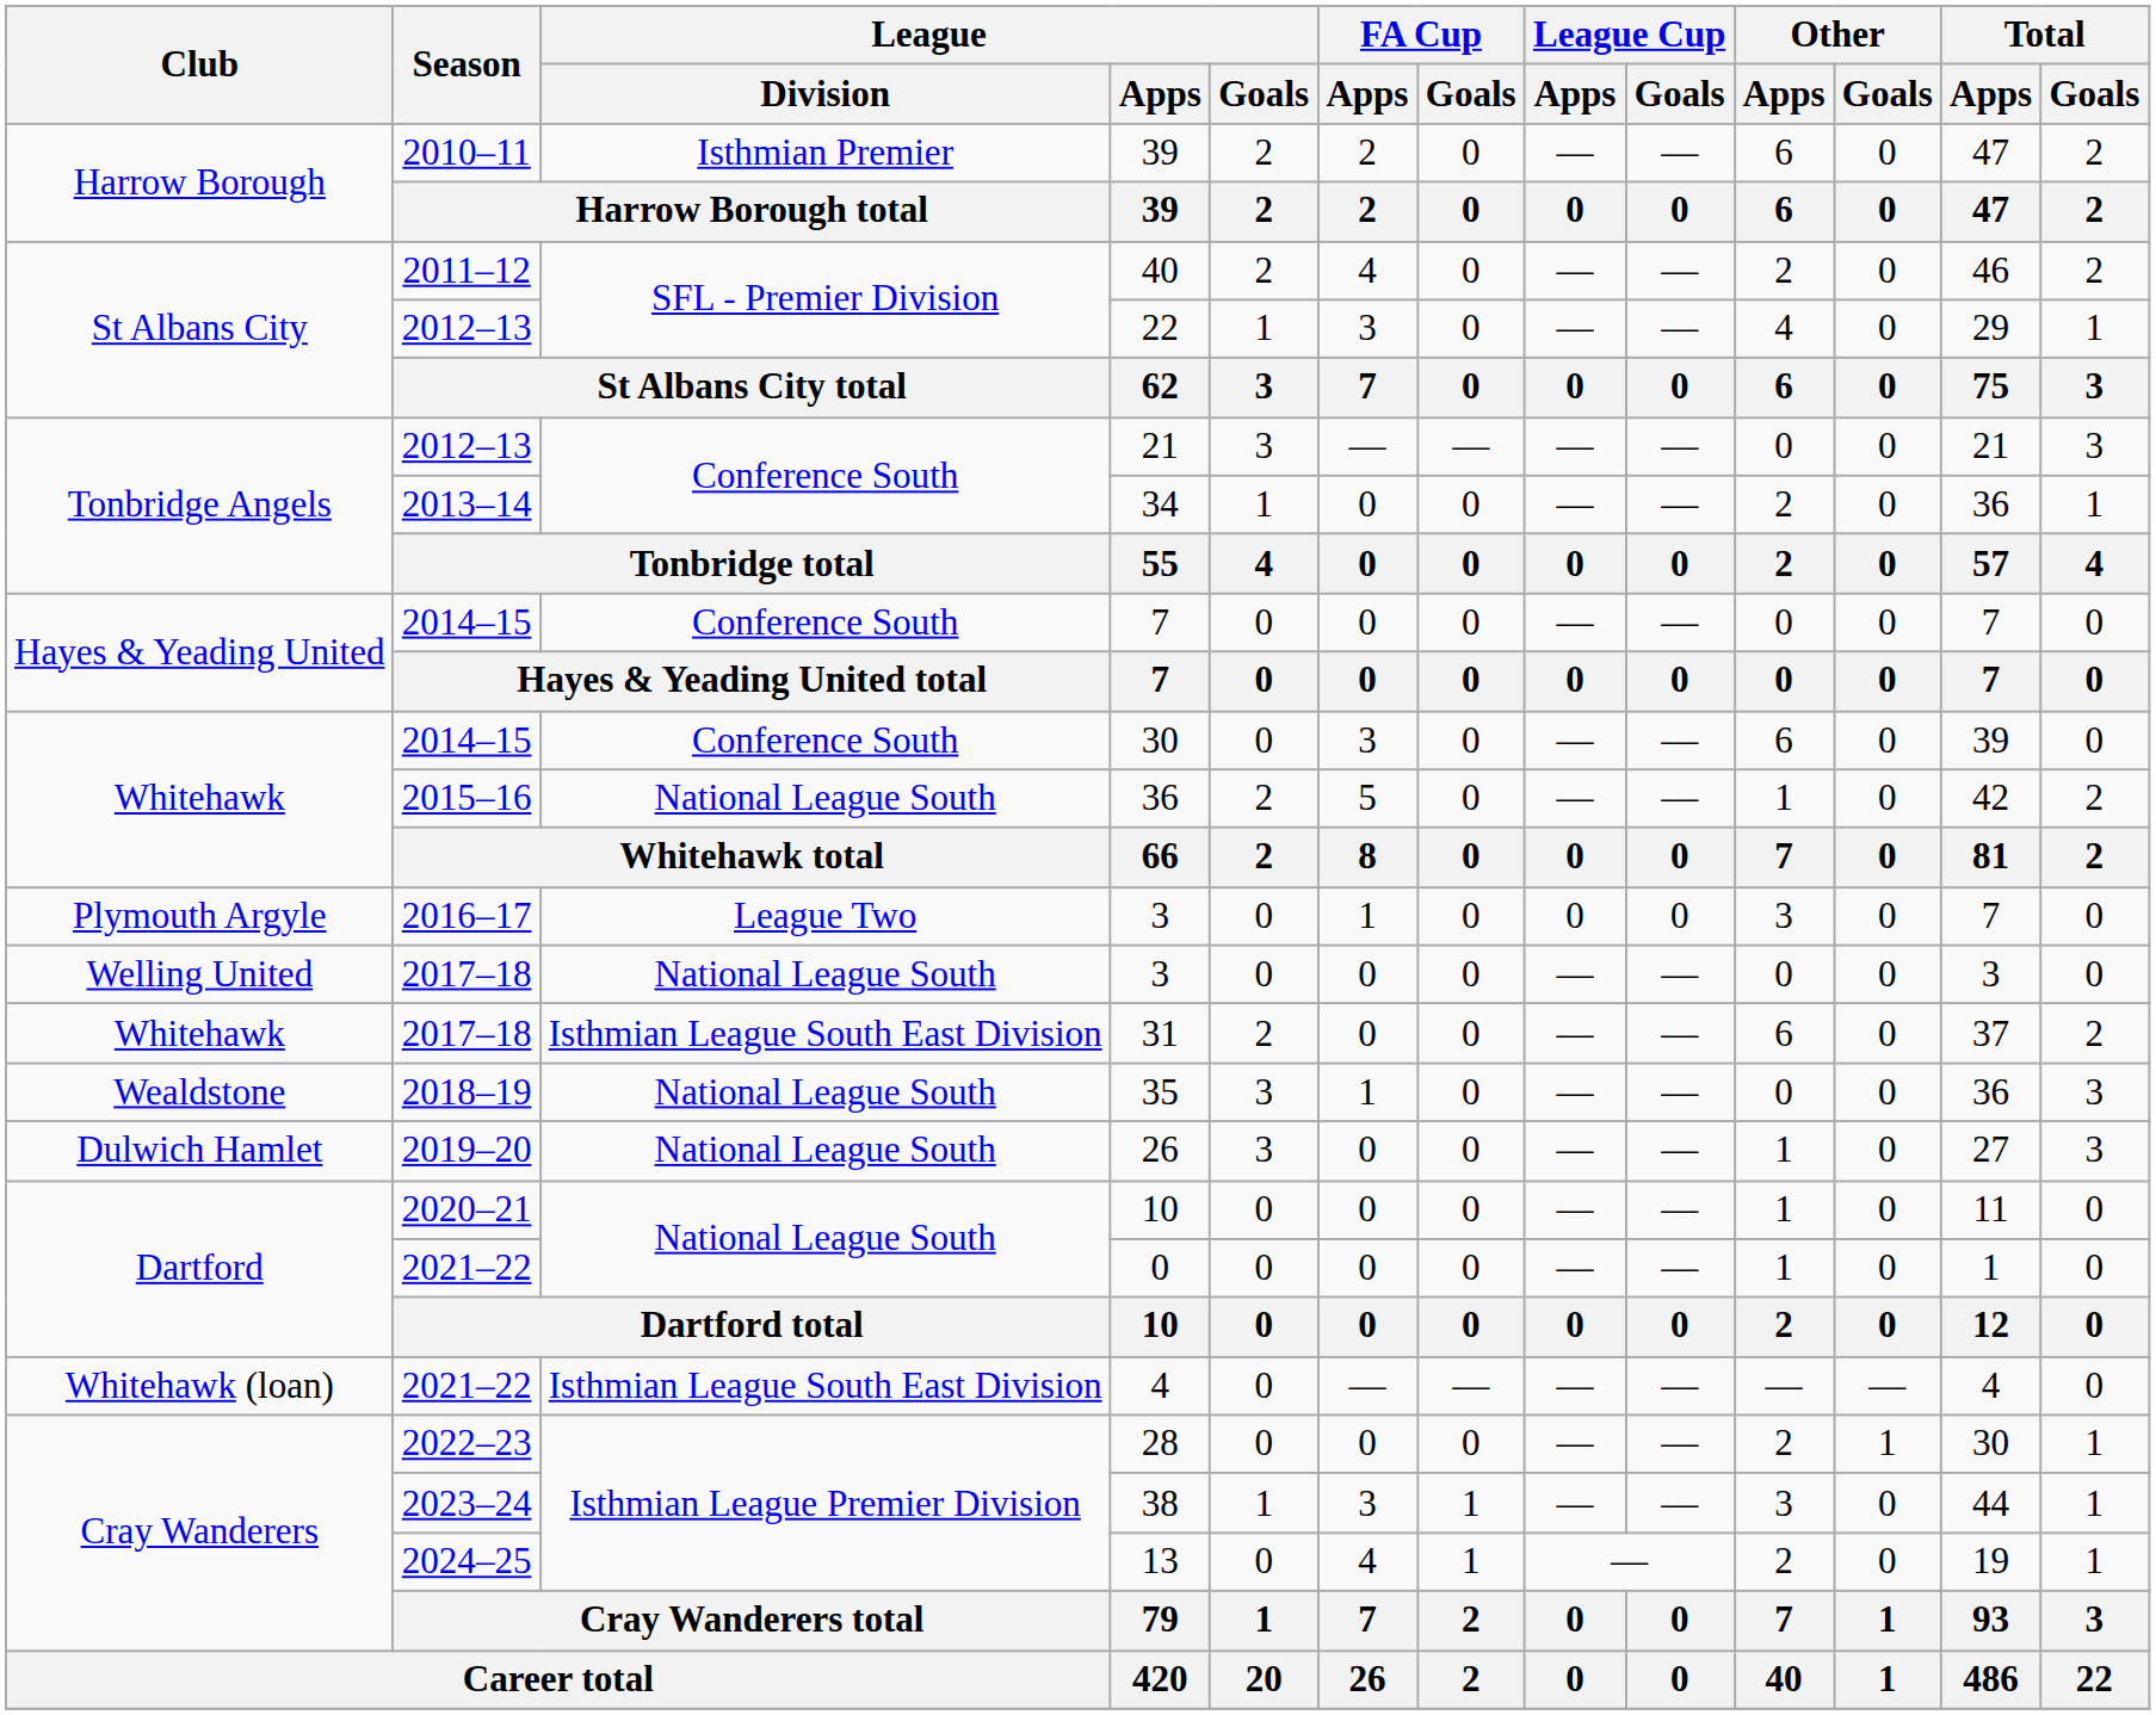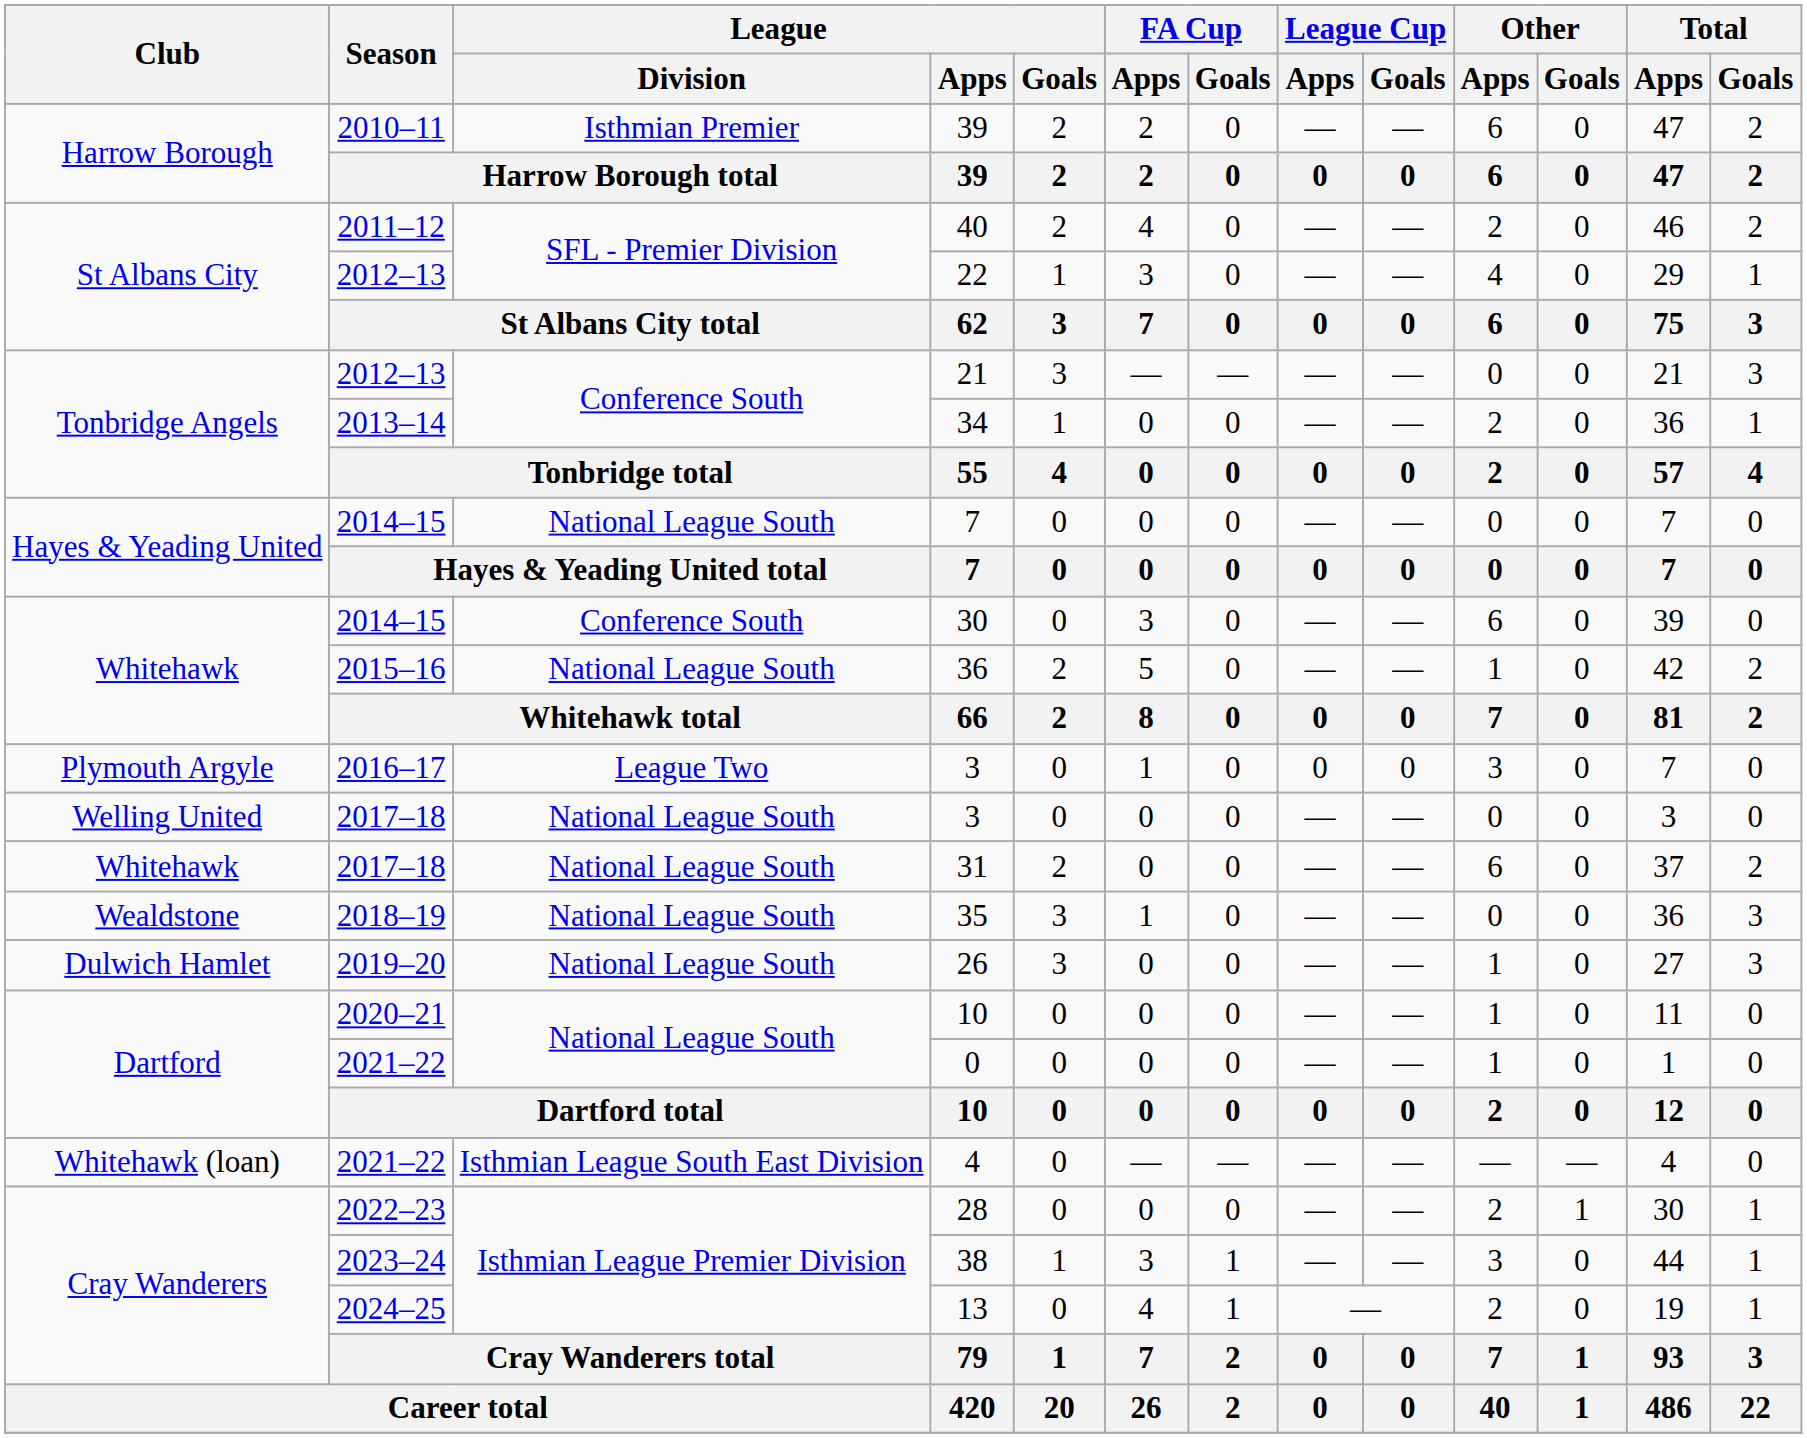 <table class="wikitable" style="text-align:center">
 <tr>
 <th rowspan="2">Club</th>
 <th rowspan="2">Season</th>
 <th colspan="3">League</th>
 <th colspan="2"><a href='#'>FA Cup</a></th>
 <th colspan="2"><a href='#'>League Cup</a></th>
 <th colspan="2">Other</th>
 <th colspan="2">Total</th>
 </tr>
 <tr>
 <th>Division</th>
 <th>Apps</th>
 <th>Goals</th>
 <th>Apps</th>
 <th>Goals</th>
 <th>Apps</th>
 <th>Goals</th>
 <th>Apps</th>
 <th>Goals</th>
 <th>Apps</th>
 <th>Goals</th>
 </tr>
 <tr>
 <td rowspan="2"><a href='#'>Harrow Borough</a></td>
 <td><a href='#'>2010–11</a></td>
 <td rowspan="1"><a href='#'>Isthmian Premier</a></td>
 <td>39</td>
 <td>2</td>
 <td>2</td>
 <td>0</td>
 <td>—</td>
 <td>—</td>
 <td>6</td>
 <td>0</td>
 <td>47</td>
 <td>2</td>
 </tr>
 <tr>
 <th colspan="2">Harrow Borough total</th>
 <th>39</th>
 <th>2</th>
 <th>2</th>
 <th>0</th>
 <th>0</th>
 <th>0</th>
 <th>6</th>
 <th>0</th>
 <th>47</th>
 <th>2</th>
 </tr>
 <tr>
 <td rowspan="3"><a href='#'>St Albans City</a></td>
 <td><a href='#'>2011–12</a></td>
 <td rowspan="2"><a href='#'>SFL - Premier Division</a></td>
 <td>40</td>
 <td>2</td>
 <td>4</td>
 <td>0</td>
 <td>—</td>
 <td>—</td>
 <td>2</td>
 <td>0</td>
 <td>46</td>
 <td>2</td>
 </tr>
 <tr>
 <td><a href='#'>2012–13</a></td>
 <td>22</td>
 <td>1</td>
 <td>3</td>
 <td>0</td>
 <td>—</td>
 <td>—</td>
 <td>4</td>
 <td>0</td>
 <td>29</td>
 <td>1</td>
 </tr>
 <tr>
 <th colspan="2">St Albans City total</th>
 <th>62</th>
 <th>3</th>
 <th>7</th>
 <th>0</th>
 <th>0</th>
 <th>0</th>
 <th>6</th>
 <th>0</th>
 <th>75</th>
 <th>3</th>
 </tr>
 <tr>
 <td rowspan="3"><a href='#'>Tonbridge Angels</a></td>
 <td><a href='#'>2012–13</a></td>
 <td rowspan="2"><a href='#'>Conference South</a></td>
 <td>21</td>
 <td>3</td>
 <td>—</td>
 <td>—</td>
 <td>—</td>
 <td>—</td>
 <td>0</td>
 <td>0</td>
 <td>21</td>
 <td>3</td>
 </tr>
 <tr>
 <td><a href='#'>2013–14</a></td>
 <td>34</td>
 <td>1</td>
 <td>0</td>
 <td>0</td>
 <td>—</td>
 <td>—</td>
 <td>2</td>
 <td>0</td>
 <td>36</td>
 <td>1</td>
 </tr>
 <tr>
 <th colspan="2">Tonbridge total</th>
 <th>55</th>
 <th>4</th>
 <th>0</th>
 <th>0</th>
 <th>0</th>
 <th>0</th>
 <th>2</th>
 <th>0</th>
 <th>57</th>
 <th>4</th>
 </tr>
 <tr>
 <td rowspan="2"><a href='#'>Hayes & Yeading United</a></td>
 <td><a href='#'>2014–15</a></td>
-<td><a href='#'>Conference South</a></td>
+<td><a href='#'>National League South</a></td>
 <td>7</td>
 <td>0</td>
 <td>0</td>
 <td>0</td>
 <td>—</td>
 <td>—</td>
 <td>0</td>
 <td>0</td>
 <td>7</td>
 <td>0</td>
 </tr>
 <tr>
 <th colspan="2">Hayes & Yeading United total</th>
 <th>7</th>
 <th>0</th>
 <th>0</th>
 <th>0</th>
 <th>0</th>
 <th>0</th>
 <th>0</th>
 <th>0</th>
 <th>7</th>
 <th>0</th>
 </tr>
 <tr>
 <td rowspan="3"><a href='#'>Whitehawk</a></td>
 <td><a href='#'>2014–15</a></td>
 <td><a href='#'>Conference South</a></td>
 <td>30</td>
 <td>0</td>
 <td>3</td>
 <td>0</td>
 <td>—</td>
 <td>—</td>
 <td>6</td>
 <td>0</td>
 <td>39</td>
 <td>0</td>
 </tr>
 <tr>
 <td><a href='#'>2015–16</a></td>
 <td><a href='#'>National League South</a></td>
 <td>36</td>
 <td>2</td>
 <td>5</td>
 <td>0</td>
 <td>—</td>
 <td>—</td>
 <td>1</td>
 <td>0</td>
 <td>42</td>
 <td>2</td>
 </tr>
 <tr>
 <th colspan="2">Whitehawk total</th>
 <th>66</th>
 <th>2</th>
 <th>8</th>
 <th>0</th>
 <th>0</th>
 <th>0</th>
 <th>7</th>
 <th>0</th>
 <th>81</th>
 <th>2</th>
 </tr>
 <tr>
 <td><a href='#'>Plymouth Argyle</a></td>
 <td><a href='#'>2016–17</a></td>
 <td><a href='#'>League Two</a></td>
 <td>3</td>
 <td>0</td>
 <td>1</td>
 <td>0</td>
 <td>0</td>
 <td>0</td>
 <td>3</td>
 <td>0</td>
 <td>7</td>
 <td>0</td>
 </tr>
 <tr>
 <td><a href='#'>Welling United</a></td>
 <td><a href='#'>2017–18</a></td>
 <td><a href='#'>National League South</a></td>
 <td>3</td>
 <td>0</td>
 <td>0</td>
 <td>0</td>
 <td>—</td>
 <td>—</td>
 <td>0</td>
 <td>0</td>
 <td>3</td>
 <td>0</td>
 </tr>
 <tr>
 <td><a href='#'>Whitehawk</a></td>
 <td><a href='#'>2017–18</a></td>
-<td><a href='#'>Isthmian League South East Division</a></td>
+<td><a href='#'>National League South</a></td>
 <td>31</td>
 <td>2</td>
 <td>0</td>
 <td>0</td>
 <td>—</td>
 <td>—</td>
 <td>6</td>
 <td>0</td>
 <td>37</td>
 <td>2</td>
 </tr>
 <tr>
 <td><a href='#'>Wealdstone</a></td>
 <td><a href='#'>2018–19</a></td>
 <td><a href='#'>National League South</a></td>
 <td>35</td>
 <td>3</td>
 <td>1</td>
 <td>0</td>
 <td>—</td>
 <td>—</td>
 <td>0</td>
 <td>0</td>
 <td>36</td>
 <td>3</td>
 </tr>
 <tr>
 <td><a href='#'>Dulwich Hamlet</a></td>
 <td><a href='#'>2019–20</a></td>
 <td><a href='#'>National League South</a></td>
 <td>26</td>
 <td>3</td>
 <td>0</td>
 <td>0</td>
 <td>—</td>
 <td>—</td>
 <td>1</td>
 <td>0</td>
 <td>27</td>
 <td>3</td>
 </tr>
 <tr>
 <td rowspan="3"><a href='#'>Dartford</a></td>
 <td><a href='#'>2020–21</a></td>
 <td rowspan="2"><a href='#'>National League South</a></td>
 <td>10</td>
 <td>0</td>
 <td>0</td>
 <td>0</td>
 <td>—</td>
 <td>—</td>
 <td>1</td>
 <td>0</td>
 <td>11</td>
 <td>0</td>
 </tr>
 <tr>
 <td><a href='#'>2021–22</a></td>
 <td>0</td>
 <td>0</td>
 <td>0</td>
 <td>0</td>
 <td>—</td>
 <td>—</td>
 <td>1</td>
 <td>0</td>
 <td>1</td>
 <td>0</td>
 </tr>
 <tr>
 <th colspan="2">Dartford total</th>
 <th>10</th>
 <th>0</th>
 <th>0</th>
 <th>0</th>
 <th>0</th>
 <th>0</th>
 <th>2</th>
 <th>0</th>
 <th>12</th>
 <th>0</th>
 </tr>
 <tr>
 <td><a href='#'>Whitehawk</a> (loan)</td>
 <td><a href='#'>2021–22</a></td>
 <td><a href='#'>Isthmian League South East Division</a></td>
 <td>4</td>
 <td>0</td>
 <td>—</td>
 <td>—</td>
 <td>—</td>
 <td>—</td>
 <td>—</td>
 <td>—</td>
 <td>4</td>
 <td>0</td>
 </tr>
 <tr>
 <td rowspan="4"><a href='#'>Cray Wanderers</a></td>
 <td><a href='#'>2022–23</a></td>
 <td rowspan="3"><a href='#'>Isthmian League Premier Division</a></td>
 <td>28</td>
 <td>0</td>
 <td>0</td>
 <td>0</td>
 <td>—</td>
 <td>—</td>
 <td>2</td>
 <td>1</td>
 <td>30</td>
 <td>1</td>
 </tr>
 <tr>
 <td><a href='#'>2023–24</a></td>
 <td>38</td>
 <td>1</td>
 <td>3</td>
 <td>1</td>
 <td>—</td>
 <td>—</td>
 <td>3</td>
 <td>0</td>
 <td>44</td>
 <td>1</td>
 </tr>
 <tr>
 <td><a href='#'>2024–25</a></td>
 <td>13</td>
 <td>0</td>
 <td>4</td>
 <td>1</td>
 <td colspan="2">—</td>
 <td>2</td>
 <td>0</td>
 <td>19</td>
 <td>1</td>
 </tr>
 <tr>
 <th colspan="2">Cray Wanderers total</th>
 <th>79</th>
 <th>1</th>
 <th>7</th>
 <th>2</th>
 <th>0</th>
 <th>0</th>
 <th>7</th>
 <th>1</th>
 <th>93</th>
 <th>3</th>
 </tr>
 <tr>
 <th colspan="3">Career total</th>
 <th>420</th>
 <th>20</th>
 <th>26</th>
 <th>2</th>
 <th>0</th>
 <th>0</th>
 <th>40</th>
 <th>1</th>
 <th>486</th>
 <th>22</th>
 </tr>
 <tr>
 </tr>
 </table>
